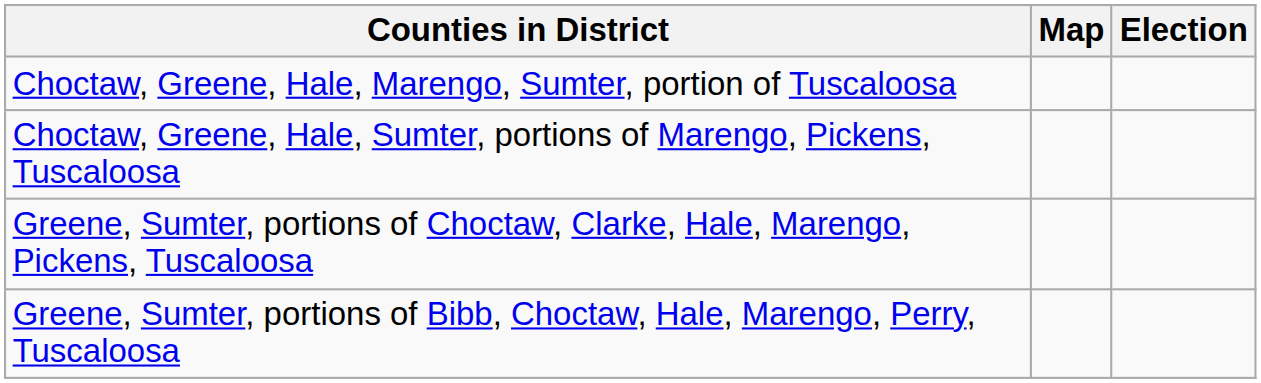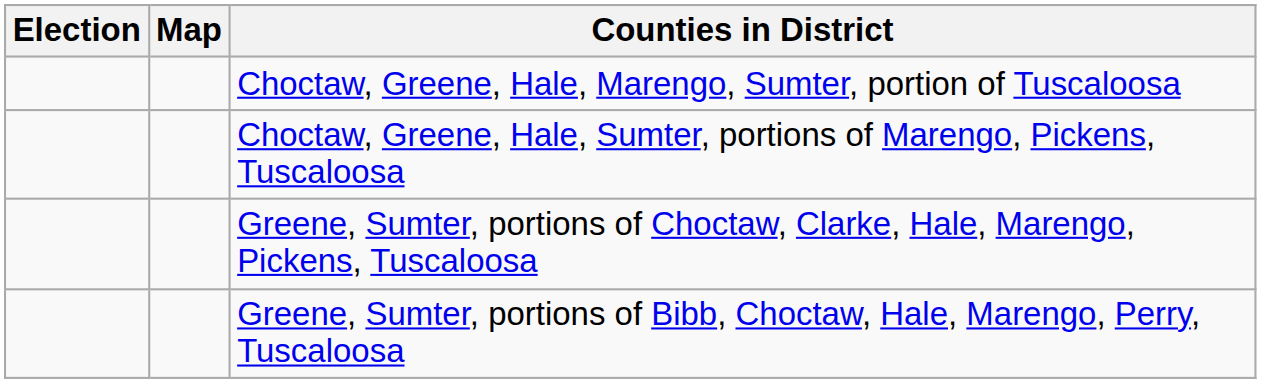 <table class="wikitable">
 <tr>
+<th>Election</th>
+<th>Map</th>
 <th>Counties in District</th>
-<th>Map</th>
-<th>Election</th>
 </tr>
 <tr>
-<td><a href='#'>Choctaw</a>, <a href='#'>Greene</a>, <a href='#'>Hale</a>, <a href='#'>Marengo</a>, <a href='#'>Sumter</a>, portion of <a href='#'>Tuscaloosa</a></td>
 <td></td>
 <td></td>
+<td><a href='#'>Choctaw</a>, <a href='#'>Greene</a>, <a href='#'>Hale</a>, <a href='#'>Marengo</a>, <a href='#'>Sumter</a>, portion of <a href='#'>Tuscaloosa</a></td>
 </tr>
 <tr>
-<td><a href='#'>Choctaw</a>, <a href='#'>Greene</a>, <a href='#'>Hale</a>, <a href='#'>Sumter</a>, portions of <a href='#'>Marengo</a>, <a href='#'>Pickens</a>, <a href='#'>Tuscaloosa</a></td>
 <td></td>
 <td></td>
+<td><a href='#'>Choctaw</a>, <a href='#'>Greene</a>, <a href='#'>Hale</a>, <a href='#'>Sumter</a>, portions of <a href='#'>Marengo</a>, <a href='#'>Pickens</a>, <a href='#'>Tuscaloosa</a></td>
 </tr>
 <tr>
-<td><a href='#'>Greene</a>, <a href='#'>Sumter</a>, portions of <a href='#'>Choctaw</a>, <a href='#'>Clarke</a>, <a href='#'>Hale</a>, <a href='#'>Marengo</a>, <a href='#'>Pickens</a>, <a href='#'>Tuscaloosa</a></td>
 <td></td>
 <td></td>
+<td><a href='#'>Greene</a>, <a href='#'>Sumter</a>, portions of <a href='#'>Choctaw</a>, <a href='#'>Clarke</a>, <a href='#'>Hale</a>, <a href='#'>Marengo</a>, <a href='#'>Pickens</a>, <a href='#'>Tuscaloosa</a></td>
 </tr>
 <tr>
-<td><a href='#'>Greene</a>, <a href='#'>Sumter</a>, portions of <a href='#'>Bibb</a>, <a href='#'>Choctaw</a>, <a href='#'>Hale</a>, <a href='#'>Marengo</a>, <a href='#'>Perry</a>, <a href='#'>Tuscaloosa</a></td>
 <td></td>
 <td></td>
+<td><a href='#'>Greene</a>, <a href='#'>Sumter</a>, portions of <a href='#'>Bibb</a>, <a href='#'>Choctaw</a>, <a href='#'>Hale</a>, <a href='#'>Marengo</a>, <a href='#'>Perry</a>, <a href='#'>Tuscaloosa</a></td>
 </tr>
 </table>
